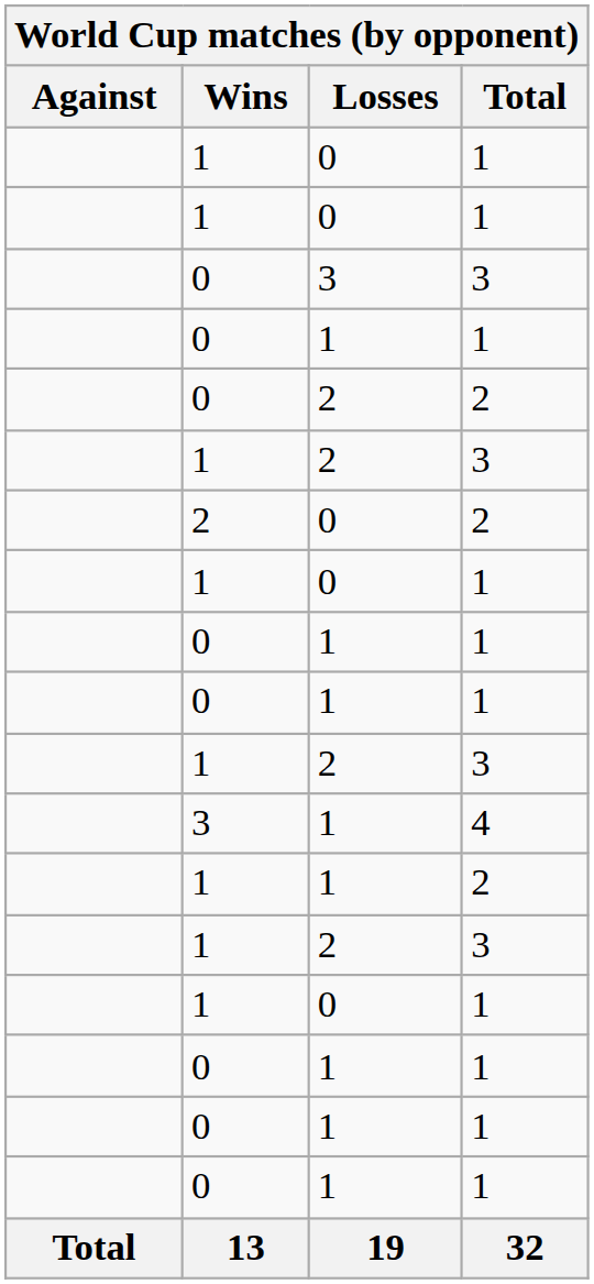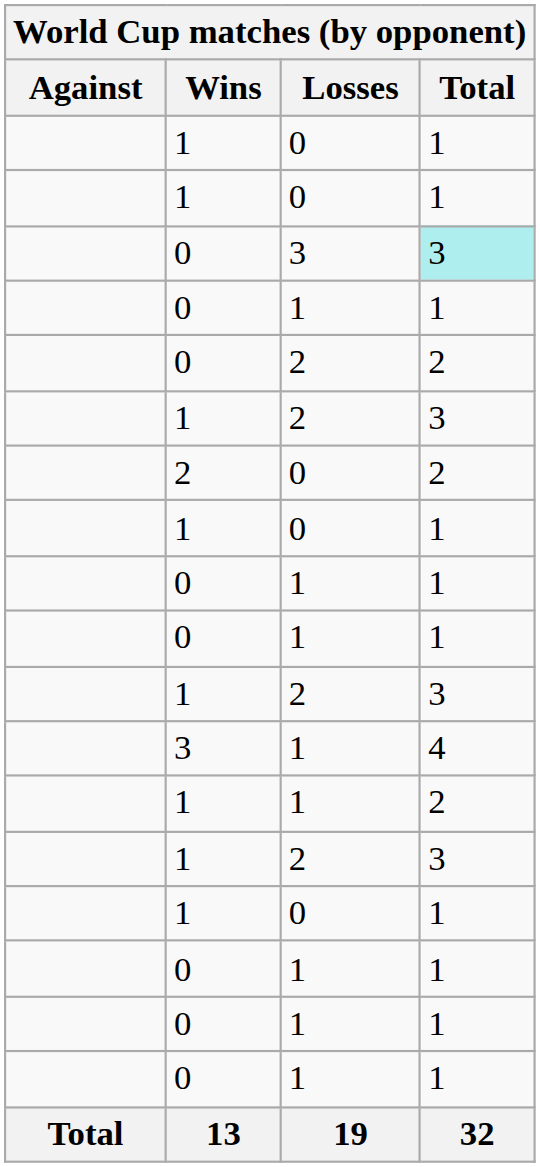 <table class="wikitable" style="text-align: left;">
 <tr>
 <th colspan=17>World Cup matches (by opponent)</th>
 </tr>
 <tr>
 <th>Against</th>
 <th>Wins</th>
 <th>Losses</th>
 <th>Total</th>
 </tr>
 <tr>
 <td></td>
 <td>1</td>
 <td>0</td>
 <td>1</td>
 </tr>
 <tr>
 <td></td>
 <td>1</td>
 <td>0</td>
 <td>1</td>
 </tr>
 <tr>
 <td></td>
 <td>0</td>
 <td>3</td>
-<td>3</td>
+<td style="background: paleturquoise;">3</td>
 </tr>
 <tr>
 <td></td>
 <td>0</td>
 <td>1</td>
 <td>1</td>
 </tr>
 <tr>
 <td></td>
 <td>0</td>
 <td>2</td>
 <td>2</td>
 </tr>
 <tr>
 <td></td>
 <td>1</td>
 <td>2</td>
 <td>3</td>
 </tr>
 <tr>
 <td></td>
 <td>2</td>
 <td>0</td>
 <td>2</td>
 </tr>
 <tr>
 <td></td>
 <td>1</td>
 <td>0</td>
 <td>1</td>
 </tr>
 <tr>
 <td></td>
 <td>0</td>
 <td>1</td>
 <td>1</td>
 </tr>
 <tr>
 <td></td>
 <td>0</td>
 <td>1</td>
 <td>1</td>
 </tr>
 <tr>
 <td></td>
 <td>1</td>
 <td>2</td>
 <td>3</td>
 </tr>
 <tr>
 <td></td>
 <td>3</td>
 <td>1</td>
 <td>4</td>
 </tr>
 <tr>
 <td></td>
 <td>1</td>
 <td>1</td>
 <td>2</td>
 </tr>
 <tr>
 <td></td>
 <td>1</td>
 <td>2</td>
 <td>3</td>
 </tr>
 <tr>
 <td></td>
 <td>1</td>
 <td>0</td>
 <td>1</td>
 </tr>
 <tr>
 <td></td>
 <td>0</td>
 <td>1</td>
 <td>1</td>
 </tr>
 <tr>
 <td></td>
 <td>0</td>
 <td>1</td>
 <td>1</td>
 </tr>
 <tr>
 <td></td>
 <td>0</td>
 <td>1</td>
 <td>1</td>
 </tr>
 <tr>
 <th>Total</th>
 <th>13</th>
 <th>19</th>
 <th>32</th>
 </tr>
 </table>
